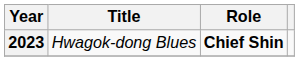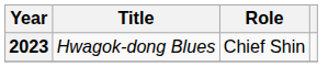 <table class="wikitable sortable plainrowheaders">
 <tr>
 <th scope="col">Year</th>
 <th scope="col">Title</th>
 <th scope="col">Role</th>
 <th scope="col" class="unsortable"></th>
 </tr>
 <tr>
 <th scope="row">2023</th>
 <td><em>Hwagok-dong Blues</em></td>
-<td><strong>Chief Shin</strong></td>
+<td>Chief Shin</td>
 <td></td>
 </tr>
 <tr>
 </tr>
 </table>
